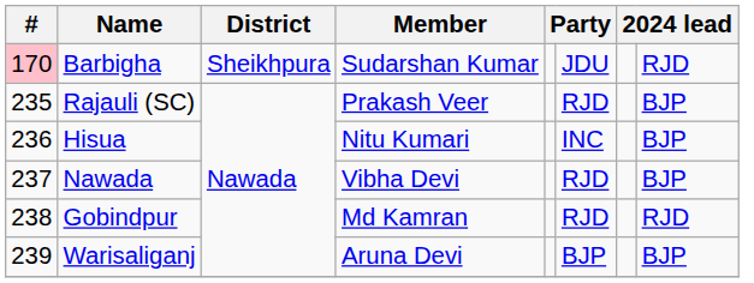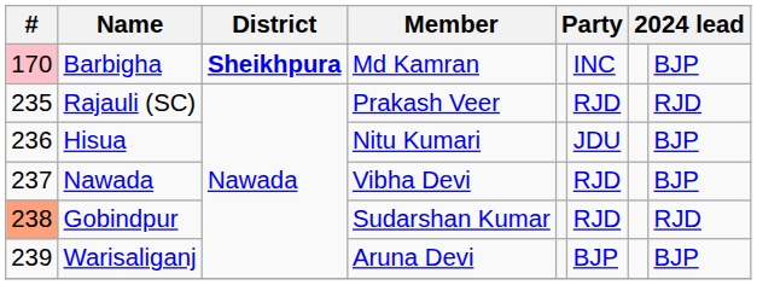 <table class="wikitable">
 <tr>
 <th>#</th>
 <th>Name</th>
 <th>District</th>
 <th>Member</th>
 <th colspan="2">Party</th>
 <th colspan="2">2024 lead</th>
 </tr>
 <tr>
 <td style="background: pink;">170</td>
 <td><a href='#'>Barbigha</a></td>
-<td><a href='#'>Sheikhpura</a></td>
-<td><a href='#'>Sudarshan Kumar</a></td>
+<td><strong><a href='#'>Sheikhpura</a></strong></td>
+<td><a href='#'>Md Kamran</a></td>
 <td style="background-color: "></td>
-<td><a href='#'>JDU</a></td>
+<td><a href='#'>INC</a></td>
 <td style="background-color: "></td>
-<td><a href='#'>RJD</a></td>
+<td><a href='#'>BJP</a></td>
 </tr>
 <tr>
 <td>235</td>
 <td><a href='#'>Rajauli</a> (SC)</td>
 <td rowspan="5"><a href='#'>Nawada</a></td>
 <td><a href='#'>Prakash Veer</a></td>
 <td style="background-color: "></td>
 <td><a href='#'>RJD</a></td>
 <td style="background-color: "></td>
-<td><a href='#'>BJP</a></td>
+<td><a href='#'>RJD</a></td>
 </tr>
 <tr>
 <td>236</td>
 <td><a href='#'>Hisua</a></td>
 <td><a href='#'>Nitu Kumari</a></td>
 <td style="background-color: "></td>
-<td><a href='#'>INC</a></td>
+<td><a href='#'>JDU</a></td>
 <td style="background-color: "></td>
 <td><a href='#'>BJP</a></td>
 </tr>
 <tr>
 <td>237</td>
 <td><a href='#'>Nawada</a></td>
 <td><a href='#'>Vibha Devi</a></td>
 <td style="background-color: "></td>
 <td><a href='#'>RJD</a></td>
 <td style="background-color: "></td>
 <td><a href='#'>BJP</a></td>
 </tr>
 <tr>
-<td>238</td>
+<td style="background: lightsalmon;">238</td>
 <td><a href='#'>Gobindpur</a></td>
-<td><a href='#'>Md Kamran</a></td>
+<td><a href='#'>Sudarshan Kumar</a></td>
 <td style="background-color: "></td>
 <td><a href='#'>RJD</a></td>
 <td style="background-color: "></td>
 <td><a href='#'>RJD</a></td>
 </tr>
 <tr>
 <td>239</td>
 <td><a href='#'>Warisaliganj</a></td>
 <td><a href='#'>Aruna Devi</a></td>
 <td style="background-color: "></td>
 <td><a href='#'>BJP</a></td>
 <td style="background-color: "></td>
 <td><a href='#'>BJP</a></td>
 </tr>
 <tr>
 </tr>
 </table>
